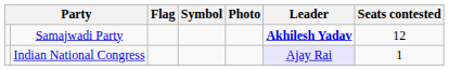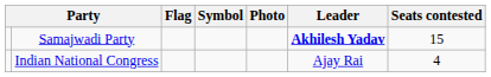 <table class="wikitable" style="text-align:center;">
 <tr>
 <th colspan="2">Party</th>
 <th>Flag</th>
 <th>Symbol</th>
 <th>Photo</th>
 <th>Leader</th>
 <th>Seats contested</th>
 </tr>
 <tr>
 <td></td>
 <td><a href='#'>Samajwadi Party</a></td>
 <td></td>
 <td></td>
 <td></td>
 <td><strong><a href='#'>Akhilesh Yadav</a></strong></td>
-<td>12</td>
+<td>15</td>
 </tr>
 <tr>
 <td></td>
 <td><a href='#'>Indian National Congress</a></td>
 <td></td>
 <td></td>
 <td></td>
-<td style="background: lavender;"><a href='#'>Ajay Rai</a></td>
-<td>1</td>
+<td><a href='#'>Ajay Rai</a></td>
+<td>4</td>
 </tr>
 </table>
